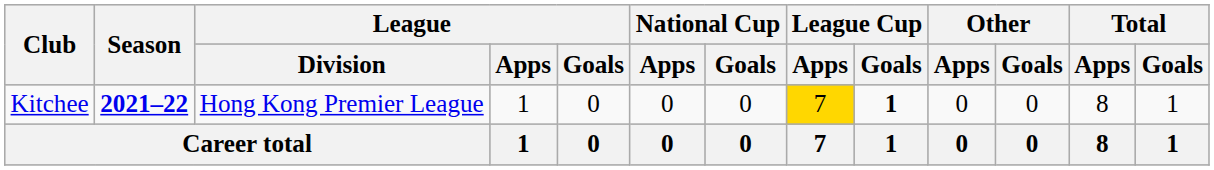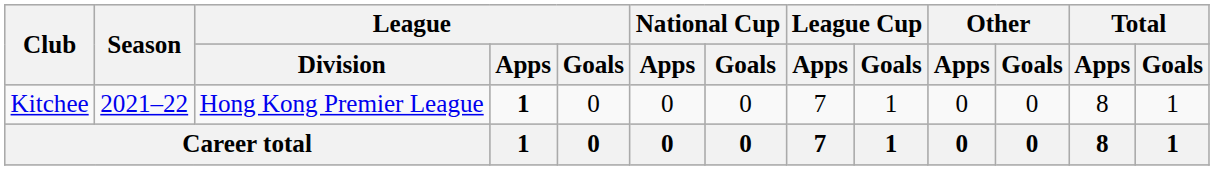 <table class="wikitable" style="text-align: center">
 <tr>
 <th rowspan="2">Club</th>
 <th rowspan="2">Season</th>
 <th colspan="3">League</th>
 <th colspan="2">National Cup</th>
 <th colspan="2">League Cup</th>
 <th colspan="2">Other</th>
 <th colspan="2">Total</th>
 </tr>
 <tr>
 <th>Division</th>
 <th>Apps</th>
 <th>Goals</th>
 <th>Apps</th>
 <th>Goals</th>
 <th>Apps</th>
 <th>Goals</th>
 <th>Apps</th>
 <th>Goals</th>
 <th>Apps</th>
 <th>Goals</th>
 </tr>
 <tr>
 <td><a href='#'>Kitchee</a></td>
-<td><strong><a href='#'>2021–22</a></strong></td>
+<td><a href='#'>2021–22</a></td>
 <td><a href='#'>Hong Kong Premier League</a></td>
-<td>1</td>
+<td><strong>1</strong></td>
 <td>0</td>
 <td>0</td>
 <td>0</td>
-<td style="background: gold;">7</td>
-<td><strong>1</strong></td>
+<td>7</td>
+<td>1</td>
 <td>0</td>
 <td>0</td>
 <td>8</td>
 <td>1</td>
 </tr>
 <tr>
 <th colspan=3>Career total</th>
 <th>1</th>
 <th>0</th>
 <th>0</th>
 <th>0</th>
 <th>7</th>
 <th>1</th>
 <th>0</th>
 <th>0</th>
 <th>8</th>
 <th>1</th>
 </tr>
 </table>
